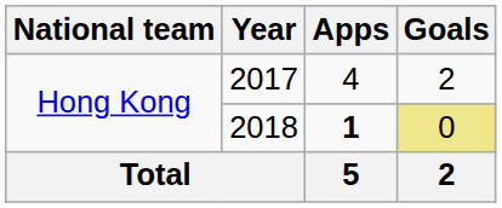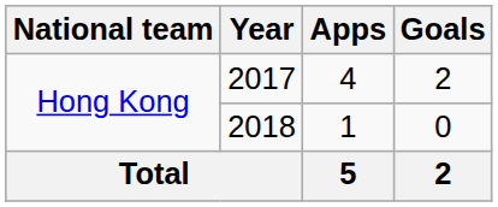 <table class="wikitable" style="text-align:center">
 <tr>
 <th>National team</th>
 <th>Year</th>
 <th>Apps</th>
 <th>Goals</th>
 </tr>
 <tr>
 <td rowspan="2"><a href='#'>Hong Kong</a></td>
 <td>2017</td>
 <td>4</td>
 <td>2</td>
 </tr>
 <tr>
 <td>2018</td>
-<td><strong>1</strong></td>
-<td style="background: khaki;">0</td>
+<td>1</td>
+<td>0</td>
 </tr>
 <tr>
 <th colspan=2>Total</th>
 <th>5</th>
 <th>2</th>
 </tr>
 </table>
